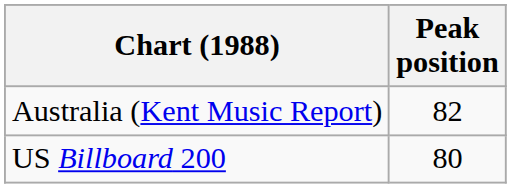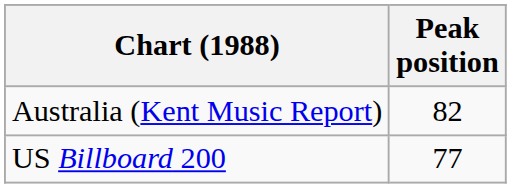 <table class="wikitable">
 <tr>
 <th scope="col">Chart (1988)</th>
 <th>Peak<br>position</th>
 </tr>
 <tr>
 <td>Australia (<a href='#'>Kent Music Report</a>)</td>
 <td style="text-align:center;">82</td>
 </tr>
 <tr>
 <td>US <a href='#'><em>Billboard</em> 200</a></td>
-<td style="text-align:center;">80</td>
+<td style="text-align:center;">77</td>
 </tr>
 </table>
